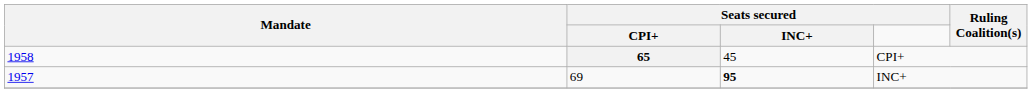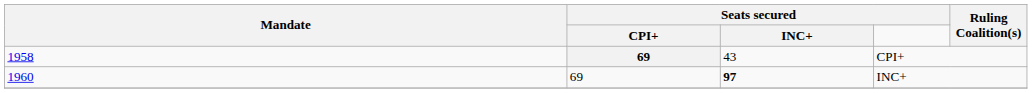 <table class="wikitable sortable"; text-align:center">
 <tr>
 <th rowspan="2">Mandate</th>
 <th colspan="3">Seats secured</th>
 <th colspan="2" rowspan="2">Ruling C<strong>oalition(s)</strong></th>
 </tr>
 <tr>
 <th style="color:"><strong>CPI+</strong></th>
 <th style="color:"><strong>INC+</strong></th>
 </tr>
 <tr>
 <td><a href='#'>1958</a></td>
-<th style="width:15%;" Style="background-color:"><strong>65</strong></th>
-<td>45</td>
+<th style="width:15%;" Style="background-color:"><strong>69</strong></th>
+<td>43</td>
 <td colspan="2" style="width:15%;" Style="background-color:">CPI+</td>
 </tr>
 <tr>
-<td><a href='#'>1957</a></td>
+<td><a href='#'>1960</a></td>
 <td>69</td>
-<td style="width:15%;" Style="background-color:"><strong>95</strong></td>
+<td style="width:15%;" Style="background-color:"><strong>97</strong></td>
 <td colspan="2" style="width:15%;" Style="background-color:">INC+</td>
 </tr>
 <tr>
 </tr>
 </table>
